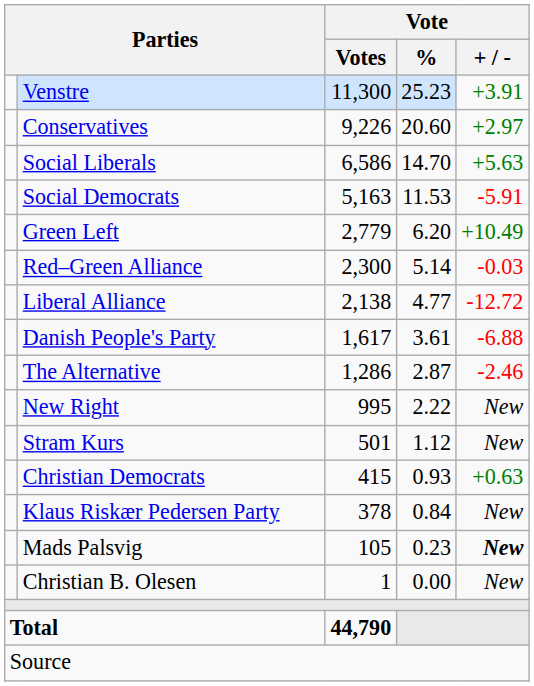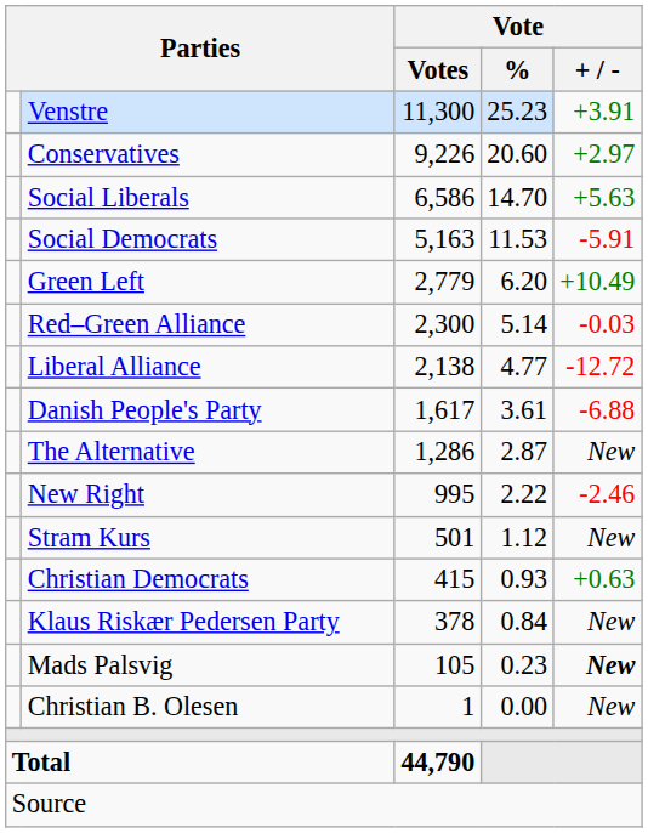 <table class="wikitable" style="text-align:right;">
 <tr>
 <th style="text-align:centre;" rowspan="2" colspan="2" width="225">Parties</th>
 <th colspan="3">Vote</th>
 </tr>
 <tr>
 <th width="15">Votes</th>
 <th width="15">%</th>
 <th width="15">+ / -</th>
 </tr>
 <tr>
 <td width="2" style="color:inherit;background:"></td>
 <td bgcolor=#cfe5fe  align="left"><a href='#'>Venstre</a></td>
 <td bgcolor=#cfe5fe>11,300</td>
 <td bgcolor=#cfe5fe>25.23</td>
 <td style=color:green;>+3.91</td>
 </tr>
 <tr>
 <td width="2" style="color:inherit;background:"></td>
 <td align="left"><a href='#'>Conservatives</a></td>
 <td>9,226</td>
 <td>20.60</td>
 <td style=color:green;>+2.97</td>
 </tr>
 <tr>
 <td width="2" style="color:inherit;background:"></td>
 <td align="left"><a href='#'>Social Liberals</a></td>
 <td>6,586</td>
 <td>14.70</td>
 <td style=color:green;>+5.63</td>
 </tr>
 <tr>
 <td width="2" style="color:inherit;background:"></td>
 <td align="left"><a href='#'>Social Democrats</a></td>
 <td>5,163</td>
 <td>11.53</td>
 <td style=color:red;>-5.91</td>
 </tr>
 <tr>
 <td width="2" style="color:inherit;background:"></td>
 <td align="left"><a href='#'>Green Left</a></td>
 <td>2,779</td>
 <td>6.20</td>
 <td style=color:green;>+10.49</td>
 </tr>
 <tr>
 <td width="2" style="color:inherit;background:"></td>
 <td align="left"><a href='#'>Red–Green Alliance</a></td>
 <td>2,300</td>
 <td>5.14</td>
 <td style=color:red;>-0.03</td>
 </tr>
 <tr>
 <td width="2" style="color:inherit;background:"></td>
 <td align="left"><a href='#'>Liberal Alliance</a></td>
 <td>2,138</td>
 <td>4.77</td>
 <td style=color:red;>-12.72</td>
 </tr>
 <tr>
 <td width="2" style="color:inherit;background:"></td>
 <td align="left"><a href='#'>Danish People's Party</a></td>
 <td>1,617</td>
 <td>3.61</td>
 <td style=color:red;>-6.88</td>
 </tr>
 <tr>
 <td width="2" style="color:inherit;background:"></td>
 <td align="left"><a href='#'>The Alternative</a></td>
 <td>1,286</td>
 <td>2.87</td>
-<td style=color:red;>-2.46</td>
+<td><em>New</em></td>
 </tr>
 <tr>
 <td width="2" style="color:inherit;background:"></td>
 <td align="left"><a href='#'>New Right</a></td>
 <td>995</td>
 <td>2.22</td>
-<td><em>New</em></td>
+<td style=color:red;>-2.46</td>
 </tr>
 <tr>
 <td width="2" style="color:inherit;background:"></td>
 <td align="left"><a href='#'>Stram Kurs</a></td>
 <td>501</td>
 <td>1.12</td>
 <td><em>New</em></td>
 </tr>
 <tr>
 <td width="2" style="color:inherit;background:"></td>
 <td align="left"><a href='#'>Christian Democrats</a></td>
 <td>415</td>
 <td>0.93</td>
 <td style=color:green;>+0.63</td>
 </tr>
 <tr>
 <td width="2" style="color:inherit;background:"></td>
 <td align="left"><a href='#'>Klaus Riskær Pedersen Party</a></td>
 <td>378</td>
 <td>0.84</td>
 <td><em>New</em></td>
 </tr>
 <tr>
 <td width="2" style="color:inherit;background:"></td>
 <td align="left">Mads Palsvig</td>
 <td>105</td>
 <td>0.23</td>
 <td><strong><em>New</em></strong></td>
 </tr>
 <tr>
 <td width="2" style="color:inherit;background:"></td>
 <td align="left">Christian B. Olesen</td>
 <td>1</td>
 <td>0.00</td>
 <td><em>New</em></td>
 </tr>
 <tr>
 <td colspan="7" bgcolor="#E9E9E9"></td>
 </tr>
 <tr>
 <td align="left" colspan="2"><strong>Total</strong></td>
 <td><strong>44,790</strong></td>
 <td bgcolor="#E9E9E9" colspan="2"></td>
 </tr>
 <tr>
 <td align="left" colspan="6">Source</td>
 </tr>
 </table>
